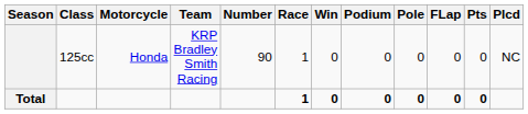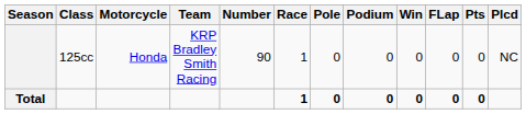 <table class="wikitable">
 <tr>
 <th>Season</th>
 <th>Class</th>
 <th>Motorcycle</th>
 <th>Team</th>
 <th>Number</th>
 <th>Race</th>
+<th>Pole</th>
+<th>Podium</th>
 <th>Win</th>
-<th>Podium</th>
-<th>Pole</th>
 <th>FLap</th>
 <th>Pts</th>
 <th>Plcd</th>
 </tr>
 <tr align="right">
 <th></th>
 <td>125cc</td>
 <td><a href='#'>Honda</a></td>
 <td><a href='#'>KRP Bradley Smith Racing</a></td>
 <td>90</td>
 <td>1</td>
 <td>0</td>
 <td>0</td>
 <td>0</td>
 <td>0</td>
 <td>0</td>
 <td>NC</td>
 </tr>
 <tr align="right">
 <th>Total</th>
 <td></td>
 <td></td>
 <td></td>
 <td></td>
 <td><strong>1</strong></td>
 <td><strong>0</strong></td>
 <td><strong>0</strong></td>
 <td><strong>0</strong></td>
 <td><strong>0</strong></td>
 <td><strong>0</strong></td>
 <td></td>
 </tr>
 </table>
